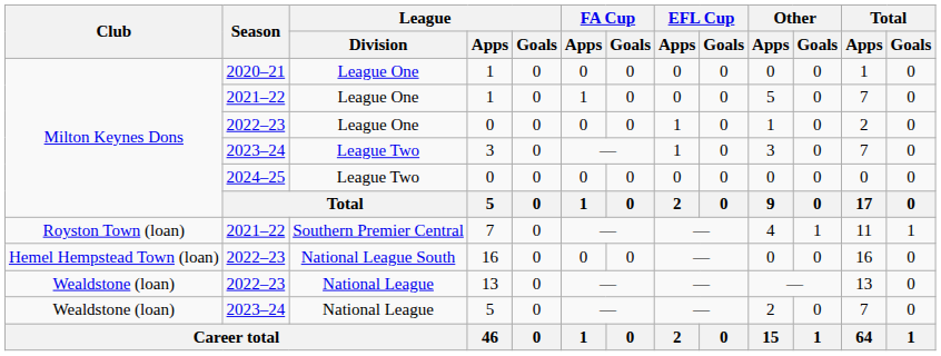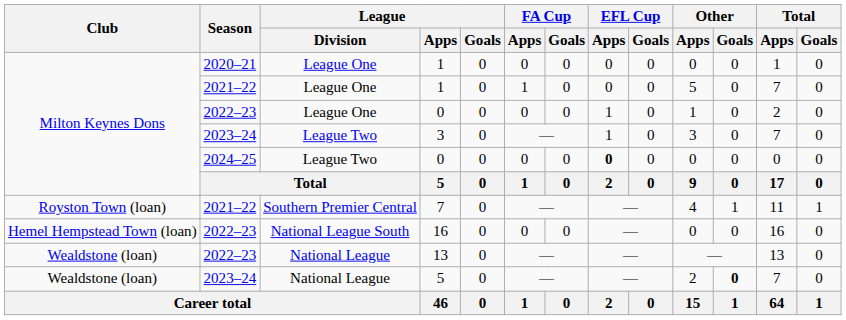 <table class="wikitable" style="text-align: center">
 <tr>
 <th rowspan="2">Club</th>
 <th rowspan="2">Season</th>
 <th colspan="3">League</th>
 <th colspan="2"><a href='#'>FA Cup</a></th>
 <th colspan="2"><a href='#'>EFL Cup</a></th>
 <th colspan="2">Other</th>
 <th colspan="2">Total</th>
 </tr>
 <tr>
 <th>Division</th>
 <th>Apps</th>
 <th>Goals</th>
 <th>Apps</th>
 <th>Goals</th>
 <th>Apps</th>
 <th>Goals</th>
 <th>Apps</th>
 <th>Goals</th>
 <th>Apps</th>
 <th>Goals</th>
 </tr>
 <tr>
 <td rowspan="6"><a href='#'>Milton Keynes Dons</a></td>
 <td><a href='#'>2020–21</a></td>
 <td><a href='#'>League One</a></td>
 <td>1</td>
 <td>0</td>
 <td>0</td>
 <td>0</td>
 <td>0</td>
 <td>0</td>
 <td>0</td>
 <td>0</td>
 <td>1</td>
 <td>0</td>
 </tr>
 <tr>
 <td><a href='#'>2021–22</a></td>
 <td>League One</td>
 <td>1</td>
 <td>0</td>
 <td>1</td>
 <td>0</td>
 <td>0</td>
 <td>0</td>
 <td>5</td>
 <td>0</td>
 <td>7</td>
 <td>0</td>
 </tr>
 <tr>
 <td><a href='#'>2022–23</a></td>
 <td>League One</td>
 <td>0</td>
 <td>0</td>
 <td>0</td>
 <td>0</td>
 <td>1</td>
 <td>0</td>
 <td>1</td>
 <td>0</td>
 <td>2</td>
 <td>0</td>
 </tr>
 <tr>
 <td><a href='#'>2023–24</a></td>
 <td><a href='#'>League Two</a></td>
 <td>3</td>
 <td>0</td>
 <td colspan="2">—</td>
 <td>1</td>
 <td>0</td>
 <td>3</td>
 <td>0</td>
 <td>7</td>
 <td>0</td>
 </tr>
 <tr>
 <td><a href='#'>2024–25</a></td>
 <td>League Two</td>
 <td>0</td>
 <td>0</td>
 <td>0</td>
 <td>0</td>
-<td>0</td>
+<td><strong>0</strong></td>
 <td>0</td>
 <td>0</td>
 <td>0</td>
 <td>0</td>
 <td>0</td>
 </tr>
 <tr>
 <th colspan="2">Total</th>
 <th>5</th>
 <th>0</th>
 <th>1</th>
 <th>0</th>
 <th>2</th>
 <th>0</th>
 <th>9</th>
 <th>0</th>
 <th>17</th>
 <th>0</th>
 </tr>
 <tr>
 <td><a href='#'>Royston Town</a> (loan)</td>
 <td><a href='#'>2021–22</a></td>
 <td><a href='#'>Southern Premier Central</a></td>
 <td>7</td>
 <td>0</td>
 <td colspan="2">—</td>
 <td colspan="2">—</td>
 <td>4</td>
 <td>1</td>
 <td>11</td>
 <td>1</td>
 </tr>
 <tr>
 <td><a href='#'>Hemel Hempstead Town</a> (loan)</td>
 <td><a href='#'>2022–23</a></td>
 <td><a href='#'>National League South</a></td>
 <td>16</td>
 <td>0</td>
 <td>0</td>
 <td>0</td>
 <td colspan="2">—</td>
 <td>0</td>
 <td>0</td>
 <td>16</td>
 <td>0</td>
 </tr>
 <tr>
 <td><a href='#'>Wealdstone</a> (loan)</td>
 <td><a href='#'>2022–23</a></td>
 <td><a href='#'>National League</a></td>
 <td>13</td>
 <td>0</td>
 <td colspan="2">—</td>
 <td colspan="2">—</td>
 <td colspan="2">—</td>
 <td>13</td>
 <td>0</td>
 </tr>
 <tr>
 <td>Wealdstone (loan)</td>
 <td><a href='#'>2023–24</a></td>
 <td>National League</td>
 <td>5</td>
 <td>0</td>
 <td colspan="2">—</td>
 <td colspan="2">—</td>
 <td>2</td>
-<td>0</td>
+<td><strong>0</strong></td>
 <td>7</td>
 <td>0</td>
 </tr>
 <tr>
 <th colspan="3">Career total</th>
 <th>46</th>
 <th>0</th>
 <th>1</th>
 <th>0</th>
 <th>2</th>
 <th>0</th>
 <th>15</th>
 <th>1</th>
 <th>64</th>
 <th>1</th>
 </tr>
 </table>
